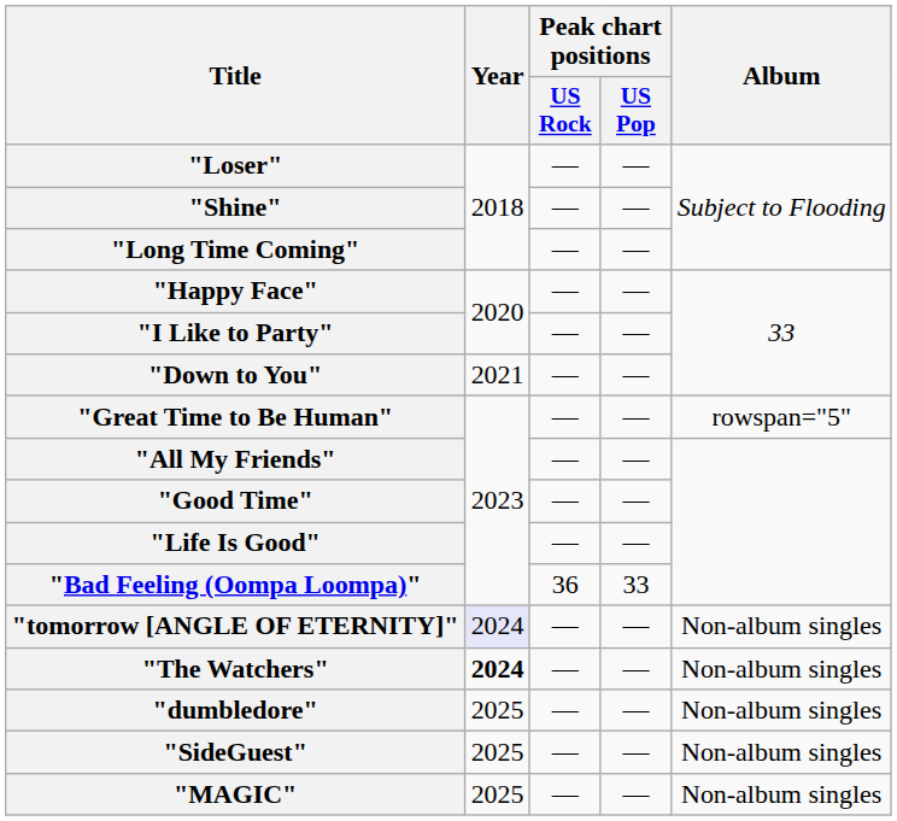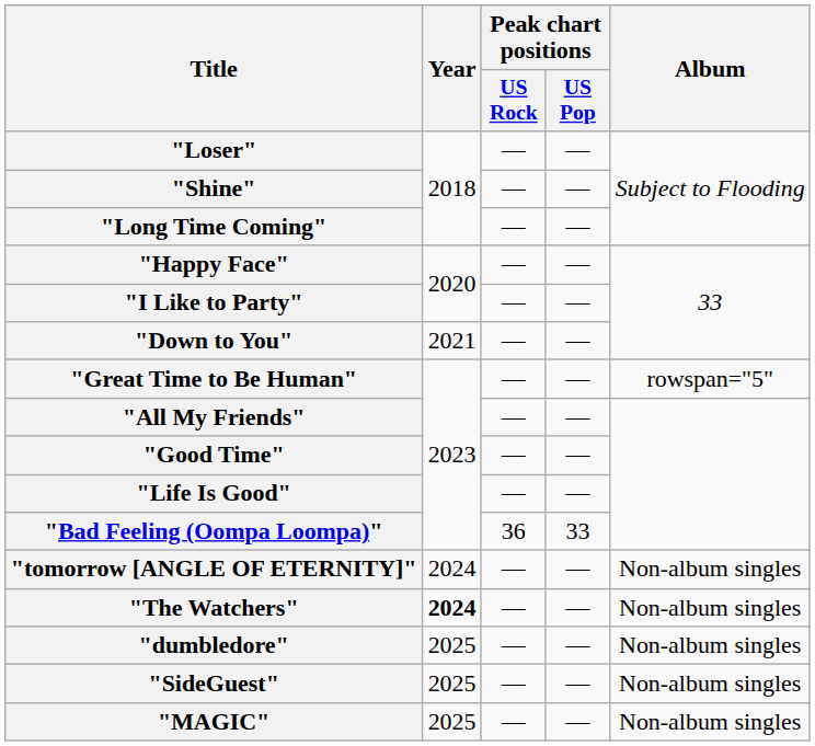 <table class="wikitable plainrowheaders" style="text-align:center">
 <tr>
 <th scope="col" rowspan="2">Title</th>
 <th scope="col" rowspan="2">Year</th>
 <th scope="col" colspan="2">Peak chart positions</th>
 <th scope="col" rowspan="2">Album</th>
 </tr>
 <tr>
 <th scope="col" style="width:2.5em;font-size:90%;"><a href='#'>US<br>Rock</a><br></th>
 <th scope="col" style="width:2.5em;font-size:90%;"><a href='#'>US<br>Pop</a><br></th>
 </tr>
 <tr>
 <th scope="row">"Loser"</th>
 <td rowspan="3">2018</td>
 <td>—</td>
 <td>—</td>
 <td rowspan="3"><em>Subject to Flooding</em></td>
 </tr>
 <tr>
 <th scope="row">"Shine"</th>
 <td>—</td>
 <td>—</td>
 </tr>
 <tr>
 <th scope="row">"Long Time Coming"</th>
 <td>—</td>
 <td>—</td>
 </tr>
 <tr>
 <th scope="row">"Happy Face"</th>
 <td rowspan="2">2020</td>
 <td>—</td>
 <td>—</td>
 <td rowspan="3"><em>33</em></td>
 </tr>
 <tr>
 <th scope="row">"I Like to Party"</th>
 <td>—</td>
 <td>—</td>
 </tr>
 <tr>
 <th scope="row">"Down to You"</th>
 <td>2021</td>
 <td>—</td>
 <td>—</td>
 </tr>
 <tr>
 <th scope="row">"Great Time to Be Human"</th>
 <td rowspan="5">2023</td>
 <td>—</td>
 <td>—</td>
 <td>rowspan="5" </td>
 </tr>
 <tr>
 <th scope="row">"All My Friends"</th>
 <td>—</td>
 <td>—</td>
 </tr>
 <tr>
 <th scope="row">"Good Time"</th>
 <td>—</td>
 <td>—</td>
 </tr>
 <tr>
 <th scope="row">"Life Is Good"</th>
 <td>—</td>
 <td>—</td>
 </tr>
 <tr>
 <th scope="row">"<a href='#'>Bad Feeling (Oompa Loompa)</a>"</th>
 <td>36</td>
 <td>33</td>
 </tr>
 <tr>
 <th>"tomorrow [ANGLE OF ETERNITY]"</th>
-<td style="background: lavender;">2024</td>
+<td>2024</td>
 <td>—</td>
 <td>—</td>
 <td>Non-album singles</td>
 </tr>
 <tr>
 <th>"The Watchers"</th>
 <td><strong>2024</strong></td>
 <td>—</td>
 <td>—</td>
 <td>Non-album singles</td>
 </tr>
 <tr>
 <th>"dumbledore"</th>
 <td>2025</td>
 <td>—</td>
 <td>—</td>
 <td>Non-album singles</td>
 </tr>
 <tr>
 <th>"SideGuest"</th>
 <td>2025</td>
 <td>—</td>
 <td>—</td>
 <td>Non-album singles</td>
 </tr>
 <tr>
 <th>"MAGIC"</th>
 <td>2025</td>
 <td>—</td>
 <td>—</td>
 <td>Non-album singles</td>
 </tr>
 </table>
